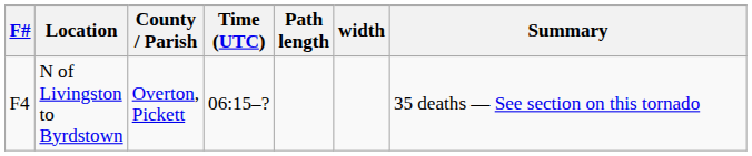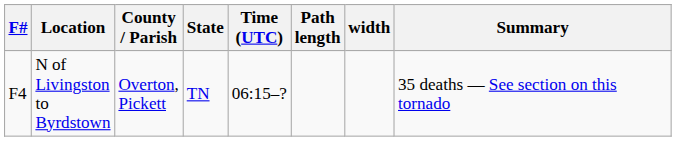 <table class="wikitable sortable" style="width:100%;">
 <tr>
 <th scope="col"  style="width:3%; text-align:center;"><a href='#'>F#</a></th>
 <th scope="col"  style="width:7%; text-align:center;" class="unsortable">Location</th>
 <th scope="col"  style="width:6%; text-align:center;" class="unsortable">County / Parish</th>
+<th scope="col"  style="width:5%; text-align:center;">State</th>
 <th scope="col"  style="width:6%; text-align:center;">Time (<a href='#'>UTC</a>)</th>
 <th scope="col"  style="width:6%; text-align:center;">Path length</th>
 <th scope="col"  style="width:6%; text-align:center;"> width</th>
 <th scope="col" class="unsortable" style="width:48%; text-align:center;">Summary</th>
 </tr>
 <tr>
 <td>F4</td>
 <td>N of <a href='#'>Livingston</a> to <a href='#'>Byrdstown</a></td>
 <td><a href='#'>Overton</a>, <a href='#'>Pickett</a></td>
+<td><a href='#'>TN</a></td>
 <td>06:15–?</td>
 <td></td>
 <td></td>
 <td>35 deaths — <a href='#'>See section on this tornado</a></td>
 </tr>
 </table>
